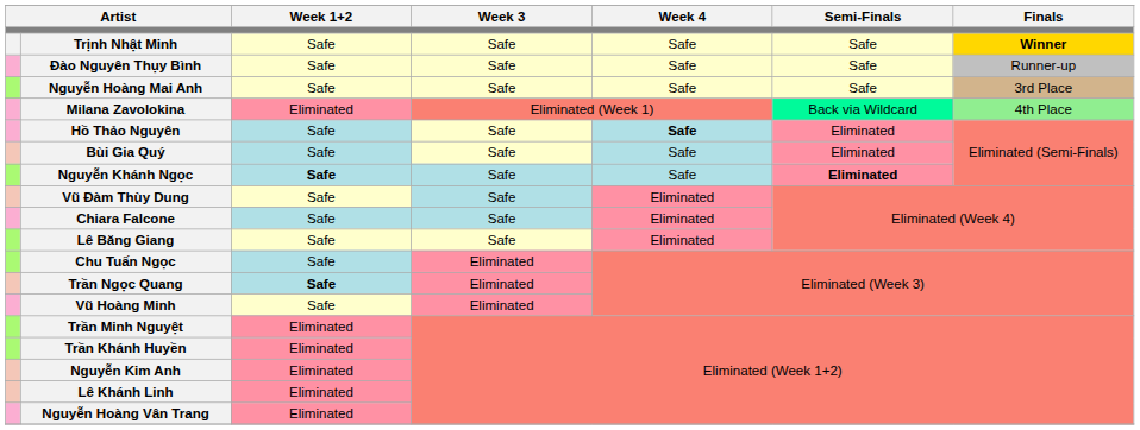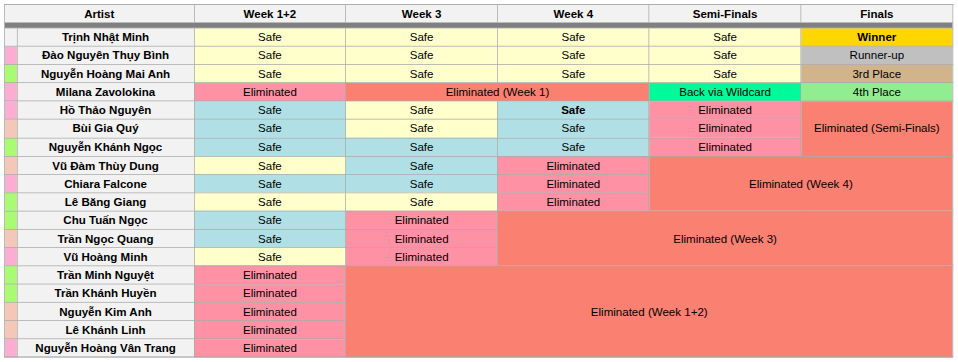 <table class="wikitable"  style="text-align:center; font-size:95%; width:auto;">
 <tr>
 </tr>
 <tr>
 <th style="width:15%;" colspan="2">Artist</th>
 <th style="width:12%;">Week 1+2</th>
 <th style="width:12%;">Week 3</th>
 <th style="width:12%;">Week 4</th>
 <th style="width:12%;">Semi-Finals</th>
 <th style="width:12%;">Finals</th>
 </tr>
 <tr>
 <th colspan="9" style="background:gray;"></th>
 </tr>
 <tr>
 <th style="width:1%;" style="background:#f4c7b8;"></th>
 <th style="width:14%;">Trịnh Nhật Minh</th>
 <td style="background:#FFFFCC;">Safe</td>
 <td style="background:#FFFFCC;">Safe</td>
 <td style="background:#FFFFCC;">Safe</td>
 <td style="background:#FFFFCC;">Safe</td>
 <th style="background:gold;">Winner</th>
 </tr>
 <tr>
 <th style="background:#FBAED2;"></th>
 <th>Đào Nguyên Thụy Bình</th>
 <td style="background:#FFFFCC;">Safe</td>
 <td style="background:#FFFFCC;">Safe</td>
 <td style="background:#FFFFCC;">Safe</td>
 <td style="background:#FFFFCC;">Safe</td>
 <td bgcolor="silver">Runner-up</td>
 </tr>
 <tr>
 <th style="background:#aafa73;"></th>
 <th>Nguyễn Hoàng Mai Anh</th>
 <td style="background:#FFFFCC;">Safe</td>
 <td style="background:#FFFFCC;">Safe</td>
 <td style="background:#FFFFCC;">Safe</td>
 <td style="background:#FFFFCC;">Safe</td>
 <td bgcolor="tan">3rd Place</td>
 </tr>
 <tr>
 <th style="background:#FBAED2;"></th>
 <th>Milana Zavolokina</th>
 <td style="background:#FF91A4;">Eliminated</td>
 <td colspan="2" style="background:salmon;">Eliminated (Week 1)</td>
 <td style="background:#00FA9A;">Back via Wildcard</td>
 <td bgcolor="lightgreen">4th Place</td>
 </tr>
 <tr>
 <th style="background:#FBAED2;"></th>
 <th>Hồ Thảo Nguyên</th>
 <td style="background:#B0E0E6;">Safe</td>
 <td style="background:#FFFFCC;">Safe</td>
 <td style="background:#B0E0E6;"><strong>Safe</strong></td>
 <td style="background:#FF91A4;">Eliminated</td>
 <td rowspan="3" style="background:salmon;">Eliminated (Semi-Finals)</td>
 </tr>
 <tr>
 <th style="background:#f4c7b8;"></th>
 <th>Bùi Gia Quý</th>
 <td style="background:#B0E0E6;">Safe</td>
 <td style="background:#FFFFCC;">Safe</td>
 <td style="background:#B0E0E6;">Safe</td>
 <td style="background:#FF91A4;">Eliminated</td>
 </tr>
 <tr>
 <th style="background:#aafa73;"></th>
 <th>Nguyễn Khánh Ngọc</th>
-<td style="background:#B0E0E6;"><strong>Safe</strong></td>
 <td style="background:#B0E0E6;">Safe</td>
 <td style="background:#B0E0E6;">Safe</td>
-<td style="background:#FF91A4;"><strong>Eliminated</strong></td>
+<td style="background:#B0E0E6;">Safe</td>
+<td style="background:#FF91A4;">Eliminated</td>
 </tr>
 <tr>
 <th style="background:#f4c7b8;"></th>
 <th>Vũ Đàm Thùy Dung</th>
 <td style="background:#FFFFCC;">Safe</td>
 <td style="background:#B0E0E6;">Safe</td>
 <td style="background:#FF91A4;">Eliminated</td>
 <td rowspan="3" colspan="2" style="background:salmon;">Eliminated (Week 4)</td>
 </tr>
 <tr>
 <th style="background:#FBAED2;"></th>
 <th>Chiara Falcone</th>
 <td style="background:#B0E0E6;">Safe</td>
 <td style="background:#B0E0E6;">Safe</td>
 <td style="background:#FF91A4;">Eliminated</td>
 </tr>
 <tr>
 <th style="background:#aafa73;"></th>
 <th>Lê Băng Giang</th>
 <td style="background:#FFFFCC;">Safe</td>
 <td style="background:#FFFFCC;">Safe</td>
 <td style="background:#FF91A4;">Eliminated</td>
 </tr>
 <tr>
 <th style="background:#aafa73;"></th>
 <th>Chu Tuấn Ngọc</th>
 <td style="background:#B0E0E6;">Safe</td>
 <td style="background:#FF91A4;">Eliminated</td>
 <td rowspan="3" colspan="3" style="background:salmon;">Eliminated (Week 3)</td>
 </tr>
 <tr>
 <th style="background:#f4c7b8;"></th>
 <th>Trần Ngọc Quang</th>
-<td style="background:#B0E0E6;"><strong>Safe</strong></td>
+<td style="background:#B0E0E6;">Safe</td>
 <td style="background:#FF91A4;">Eliminated</td>
 </tr>
 <tr>
 <th style="background:#FBAED2;"></th>
 <th>Vũ Hoàng Minh</th>
 <td style="background:#FFFFCC;">Safe</td>
 <td style="background:#FF91A4;">Eliminated</td>
 </tr>
 <tr>
 <th style="background:#aafa73;"></th>
 <th>Trần Minh Nguyệt</th>
 <td style="background:#FF91A4;">Eliminated</td>
 <td rowspan="5" colspan="5" style="background:salmon;">Eliminated (Week 1+2)</td>
 </tr>
 <tr>
 <th style="background:#aafa73;"></th>
 <th>Trần Khánh Huyền</th>
 <td style="background:#FF91A4;">Eliminated</td>
 </tr>
 <tr>
 <th style="background:#f4c7b8;"></th>
 <th>Nguyễn Kim Anh</th>
 <td style="background:#FF91A4;">Eliminated</td>
 </tr>
 <tr>
 <th style="background:#f4c7b8;"></th>
 <th>Lê Khánh Linh</th>
 <td style="background:#FF91A4;">Eliminated</td>
 </tr>
 <tr>
 <th style="background:#FBAED2;"></th>
 <th>Nguyễn Hoàng Vân Trang</th>
 <td style="background:#FF91A4;">Eliminated</td>
 </tr>
 <tr>
 </tr>
 </table>
